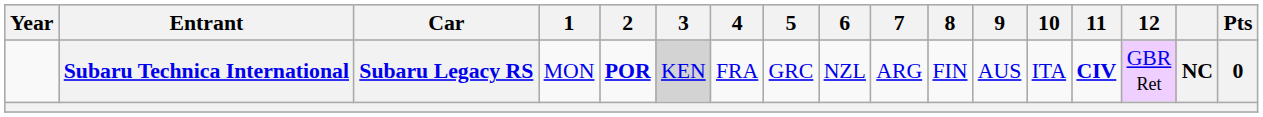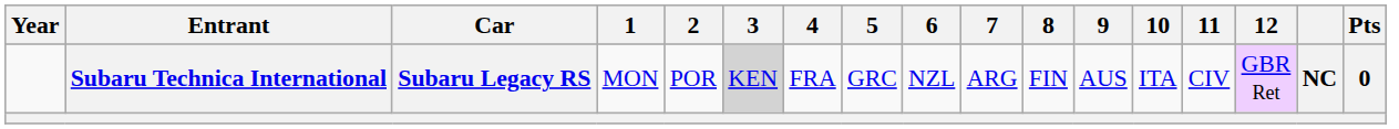 <table class="wikitable" style="text-align:center; font-size:85%;">
 <tr>
 <th>Year</th>
 <th>Entrant</th>
 <th>Car</th>
 <th>1</th>
 <th>2</th>
 <th>3</th>
 <th>4</th>
 <th>5</th>
 <th>6</th>
 <th>7</th>
 <th>8</th>
 <th>9</th>
 <th>10</th>
 <th>11</th>
 <th>12</th>
 <th></th>
 <th>Pts</th>
 </tr>
 <tr>
 <td></td>
 <th nowrap><a href='#'>Subaru Technica International</a></th>
 <th nowrap><a href='#'>Subaru Legacy RS</a></th>
 <td><a href='#'>MON</a></td>
-<td><strong><a href='#'>POR</a></strong></td>
+<td><a href='#'>POR</a></td>
 <td style="background: lightgrey;"><a href='#'>KEN</a></td>
 <td><a href='#'>FRA</a></td>
 <td><a href='#'>GRC</a></td>
 <td><a href='#'>NZL</a></td>
 <td><a href='#'>ARG</a></td>
 <td><a href='#'>FIN</a></td>
 <td><a href='#'>AUS</a></td>
 <td><a href='#'>ITA</a></td>
-<td><strong><a href='#'>CIV</a></strong></td>
+<td><a href='#'>CIV</a></td>
 <td style="background:#EFCFFF;"><a href='#'>GBR</a><br><small>Ret</small></td>
 <th>NC</th>
 <th>0</th>
 </tr>
 <tr>
 <th colspan="17"></th>
 </tr>
 </table>
